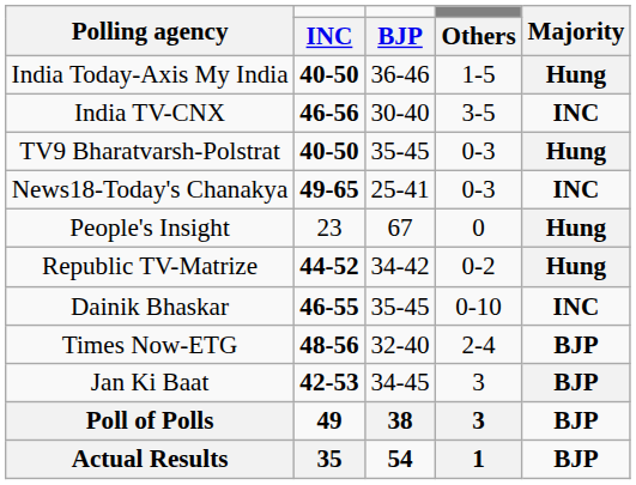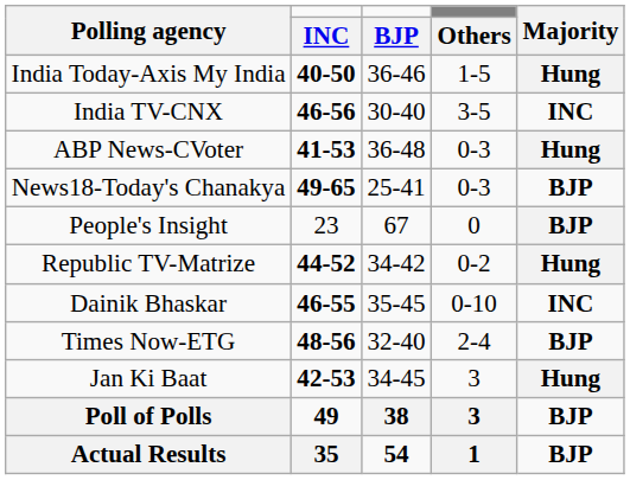 <table class="wikitable sortable" style="text-align:center;font-size:95%;line-height:16px;">
 <tr>
 <th rowspan="2">Polling agency</th>
 <td></td>
 <td></td>
 <td style="background:gray;"></td>
 <th rowspan="2">Majority</th>
 </tr>
 <tr>
 <th><a href='#'>INC</a></th>
 <th><a href='#'>BJP</a></th>
 <th>Others</th>
 </tr>
 <tr>
 <td>India Today-Axis My India</td>
 <td><strong>40-50</strong></td>
 <td>36-46</td>
 <td>1-5</td>
 <th>Hung</th>
 </tr>
 <tr>
 <td>India TV-CNX</td>
 <td><strong>46-56</strong></td>
 <td>30-40</td>
 <td>3-5</td>
 <td><strong>INC</strong></td>
 </tr>
 <tr>
-<td>TV9 Bharatvarsh-Polstrat</td>
-<td><strong>40-50</strong></td>
-<td>35-45</td>
+<td>ABP News-CVoter</td>
+<td><strong>41-53</strong></td>
+<td>36-48</td>
 <td>0-3</td>
 <th>Hung</th>
 </tr>
 <tr>
 <td>News18-Today's Chanakya</td>
 <td><strong>49-65</strong></td>
 <td>25-41</td>
 <td>0-3</td>
-<td><strong>INC</strong></td>
+<td><strong>BJP</strong></td>
 </tr>
 <tr>
 <td>People's Insight</td>
 <td>23</td>
 <td>67</td>
 <td>0</td>
-<th>Hung</th>
+<th>BJP</th>
 </tr>
 <tr>
 <td>Republic TV-Matrize</td>
 <td><strong>44-52</strong></td>
 <td>34-42</td>
 <td>0-2</td>
 <th>Hung</th>
 </tr>
 <tr>
 <td>Dainik Bhaskar</td>
 <td><strong>46-55</strong></td>
 <td>35-45</td>
 <td>0-10</td>
 <td><strong>INC</strong></td>
 </tr>
 <tr>
 <td>Times Now-ETG</td>
 <td><strong>48-56</strong></td>
 <td>32-40</td>
 <td>2-4</td>
 <td><strong>BJP</strong></td>
 </tr>
 <tr>
 <td>Jan Ki Baat</td>
 <td><strong>42-53</strong></td>
 <td>34-45</td>
 <td>3</td>
-<th>BJP</th>
+<th>Hung</th>
 </tr>
 <tr>
 <th>Poll of Polls</th>
 <td><strong>49</strong></td>
 <th>38</th>
 <th>3</th>
 <td><strong>BJP</strong></td>
 </tr>
 <tr>
 <th>Actual Results</th>
 <th>35</th>
 <td><strong>54</strong></td>
 <th>1</th>
 <td><strong>BJP</strong></td>
 </tr>
 </table>
